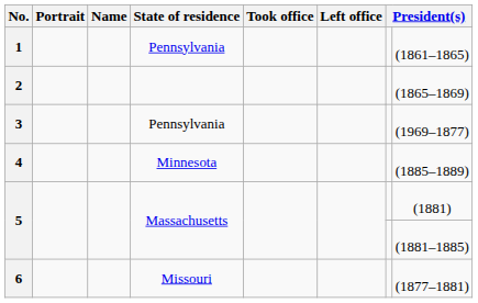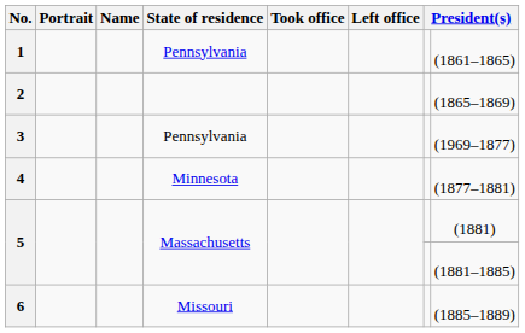 <table class="wikitable sortable" style="clear:left; text-align:center">
 <tr>
 <th scope="col">No.</th>
 <th scope="col" class=unsortable>Portrait</th>
 <th scope="col">Name</th>
 <th scope="col">State of residence</th>
 <th scope="col">Took office</th>
 <th scope="col">Left office</th>
 <th scope="col" colspan=2><a href='#'>President(s)</a></th>
 </tr>
 <tr>
 <th rowspan=2>1</th>
 <td rowspan=2></td>
 <td rowspan=2></td>
 <td rowspan=2><a href='#'>Pennsylvania</a></td>
 <td rowspan=2></td>
 <td rowspan=2></td>
 <td style="background: "></td>
 <td><br>(1861–1865)</td>
 </tr>
 <tr>
 <td rowspan=2 style="background: "></td>
 <td rowspan=2><br>(1865–1869)</td>
 </tr>
 <tr>
 <th rowspan=2>2</th>
 <td rowspan=2></td>
 <td rowspan=2></td>
 <td rowspan=2></td>
 <td rowspan=2></td>
 <td rowspan=2></td>
 </tr>
 <tr>
 <td rowspan=2 style="background: "></td>
 <td rowspan=2><br>(1969–1877)</td>
 </tr>
 <tr>
 <th>3</th>
 <td></td>
 <td></td>
 <td>Pennsylvania</td>
 <td></td>
 <td></td>
 </tr>
 <tr>
 <th>4</th>
 <td></td>
 <td></td>
 <td><a href='#'>Minnesota</a></td>
 <td></td>
 <td></td>
 <td style="background: "></td>
-<td><br>(1885–1889)</td>
+<td><br>(1877–1881)</td>
 </tr>
 <tr>
 <th rowspan=2>5</th>
 <td rowspan=2></td>
 <td rowspan=2></td>
 <td rowspan=2><a href='#'>Massachusetts</a></td>
 <td rowspan=2></td>
 <td rowspan=2></td>
 <td style="background: "></td>
 <td><br>(1881)</td>
 </tr>
 <tr>
 <td style="background: "></td>
 <td><br>(1881–1885)</td>
 </tr>
 <tr>
 <th>6</th>
 <td></td>
 <td></td>
 <td><a href='#'>Missouri</a></td>
 <td></td>
 <td></td>
 <td style="background: "></td>
-<td><br>(1877–1881)</td>
+<td><br>(1885–1889)</td>
 </tr>
 </table>
